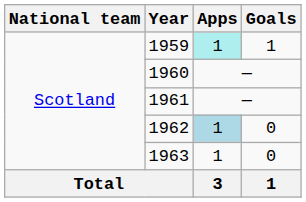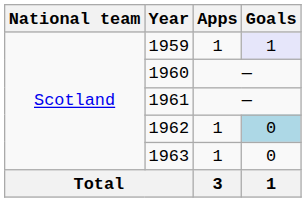 <table class="wikitable" style="text-align:center">
 <tr>
 <th>National team</th>
 <th>Year</th>
 <th>Apps</th>
 <th>Goals</th>
 </tr>
 <tr>
 <td rowspan="5"><a href='#'>Scotland</a></td>
 <td>1959</td>
-<td style="background: paleturquoise;">1</td>
 <td>1</td>
+<td style="background: lavender;">1</td>
 </tr>
 <tr>
 <td>1960</td>
 <td colspan="2">—</td>
 </tr>
 <tr>
 <td>1961</td>
 <td colspan="2">—</td>
 </tr>
 <tr>
 <td>1962</td>
-<td style="background: lightblue;">1</td>
-<td>0</td>
+<td>1</td>
+<td style="background: lightblue;">0</td>
 </tr>
 <tr>
 <td>1963</td>
 <td>1</td>
 <td>0</td>
 </tr>
 <tr>
 <th colspan="2">Total</th>
 <th>3</th>
 <th>1</th>
 </tr>
 </table>
